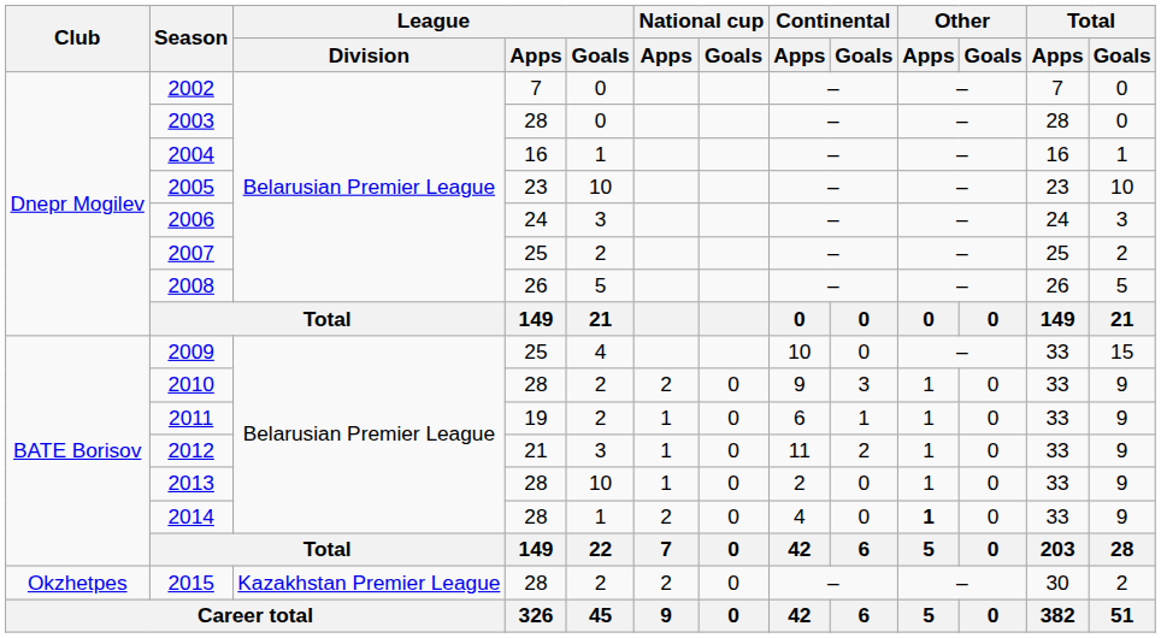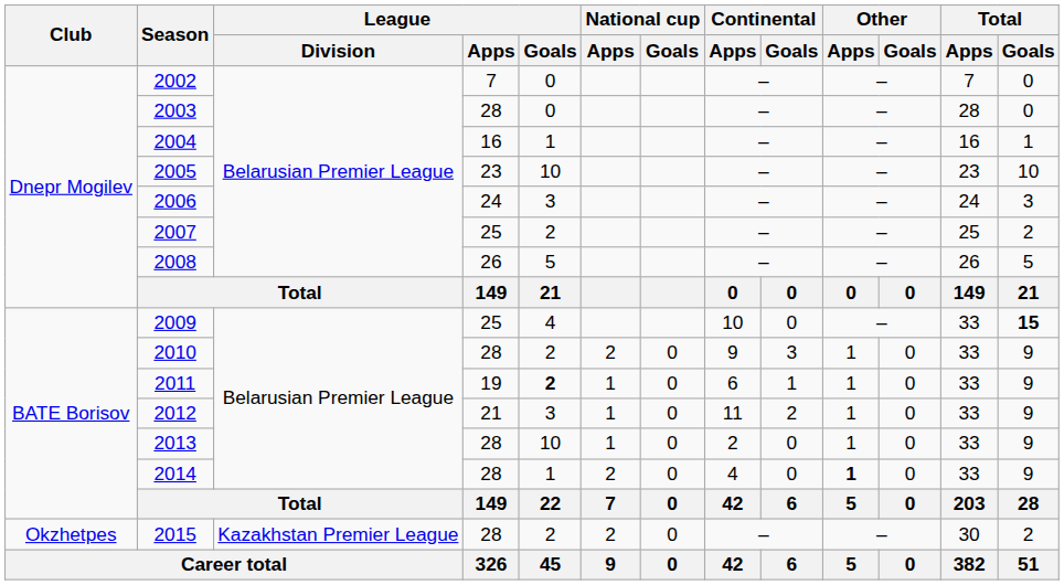 <table class="wikitable" style="text-align:center">
 <tr>
 <th rowspan="2">Club</th>
 <th rowspan="2">Season</th>
 <th colspan="3">League</th>
 <th colspan="2">National cup</th>
 <th colspan="2">Continental</th>
 <th colspan="2">Other</th>
 <th colspan="2">Total</th>
 </tr>
 <tr>
 <th>Division</th>
 <th>Apps</th>
 <th>Goals</th>
 <th>Apps</th>
 <th>Goals</th>
 <th>Apps</th>
 <th>Goals</th>
 <th>Apps</th>
 <th>Goals</th>
 <th>Apps</th>
 <th>Goals</th>
 </tr>
 <tr>
 <td rowspan="8"><a href='#'>Dnepr Mogilev</a></td>
 <td><a href='#'>2002</a></td>
 <td rowspan="7"><a href='#'>Belarusian Premier League</a></td>
 <td>7</td>
 <td>0</td>
 <td></td>
 <td></td>
 <td colspan="2">–</td>
 <td colspan="2">–</td>
 <td>7</td>
 <td>0</td>
 </tr>
 <tr>
 <td><a href='#'>2003</a></td>
 <td>28</td>
 <td>0</td>
 <td></td>
 <td></td>
 <td colspan="2">–</td>
 <td colspan="2">–</td>
 <td>28</td>
 <td>0</td>
 </tr>
 <tr>
 <td><a href='#'>2004</a></td>
 <td>16</td>
 <td>1</td>
 <td></td>
 <td></td>
 <td colspan="2">–</td>
 <td colspan="2">–</td>
 <td>16</td>
 <td>1</td>
 </tr>
 <tr>
 <td><a href='#'>2005</a></td>
 <td>23</td>
 <td>10</td>
 <td></td>
 <td></td>
 <td colspan="2">–</td>
 <td colspan="2">–</td>
 <td>23</td>
 <td>10</td>
 </tr>
 <tr>
 <td><a href='#'>2006</a></td>
 <td>24</td>
 <td>3</td>
 <td></td>
 <td></td>
 <td colspan="2">–</td>
 <td colspan="2">–</td>
 <td>24</td>
 <td>3</td>
 </tr>
 <tr>
 <td><a href='#'>2007</a></td>
 <td>25</td>
 <td>2</td>
 <td></td>
 <td></td>
 <td colspan="2">–</td>
 <td colspan="2">–</td>
 <td>25</td>
 <td>2</td>
 </tr>
 <tr>
 <td><a href='#'>2008</a></td>
 <td>26</td>
 <td>5</td>
 <td></td>
 <td></td>
 <td colspan="2">–</td>
 <td colspan="2">–</td>
 <td>26</td>
 <td>5</td>
 </tr>
 <tr>
 <th colspan="2">Total</th>
 <th>149</th>
 <th>21</th>
 <th></th>
 <th></th>
 <th>0</th>
 <th>0</th>
 <th>0</th>
 <th>0</th>
 <th>149</th>
 <th>21</th>
 </tr>
 <tr>
 <td rowspan="7"><a href='#'>BATE Borisov</a></td>
 <td><a href='#'>2009</a></td>
 <td rowspan="6">Belarusian Premier League</td>
 <td>25</td>
 <td>4</td>
 <td></td>
 <td></td>
 <td>10</td>
 <td>0</td>
 <td colspan="2">–</td>
 <td>33</td>
-<td>15</td>
+<td><strong>15</strong></td>
 </tr>
 <tr>
 <td><a href='#'>2010</a></td>
 <td>28</td>
 <td>2</td>
 <td>2</td>
 <td>0</td>
 <td>9</td>
 <td>3</td>
 <td>1</td>
 <td>0</td>
 <td>33</td>
 <td>9</td>
 </tr>
 <tr>
 <td><a href='#'>2011</a></td>
 <td>19</td>
-<td>2</td>
+<td><strong>2</strong></td>
 <td>1</td>
 <td>0</td>
 <td>6</td>
 <td>1</td>
 <td>1</td>
 <td>0</td>
 <td>33</td>
 <td>9</td>
 </tr>
 <tr>
 <td><a href='#'>2012</a></td>
 <td>21</td>
 <td>3</td>
 <td>1</td>
 <td>0</td>
 <td>11</td>
 <td>2</td>
 <td>1</td>
 <td>0</td>
 <td>33</td>
 <td>9</td>
 </tr>
 <tr>
 <td><a href='#'>2013</a></td>
 <td>28</td>
 <td>10</td>
 <td>1</td>
 <td>0</td>
 <td>2</td>
 <td>0</td>
 <td>1</td>
 <td>0</td>
 <td>33</td>
 <td>9</td>
 </tr>
 <tr>
 <td><a href='#'>2014</a></td>
 <td>28</td>
 <td>1</td>
 <td>2</td>
 <td>0</td>
 <td>4</td>
 <td>0</td>
 <td><strong>1</strong></td>
 <td>0</td>
 <td>33</td>
 <td>9</td>
 </tr>
 <tr>
 <th colspan="2">Total</th>
 <th>149</th>
 <th>22</th>
 <th>7</th>
 <th>0</th>
 <th>42</th>
 <th>6</th>
 <th>5</th>
 <th>0</th>
 <th>203</th>
 <th>28</th>
 </tr>
 <tr>
 <td><a href='#'>Okzhetpes</a></td>
 <td><a href='#'>2015</a></td>
 <td><a href='#'>Kazakhstan Premier League</a></td>
 <td>28</td>
 <td>2</td>
 <td>2</td>
 <td>0</td>
 <td colspan="2">–</td>
 <td colspan="2">–</td>
 <td>30</td>
 <td>2</td>
 </tr>
 <tr>
 <th colspan="3">Career total</th>
 <th>326</th>
 <th>45</th>
 <th>9</th>
 <th>0</th>
 <th>42</th>
 <th>6</th>
 <th>5</th>
 <th>0</th>
 <th>382</th>
 <th>51</th>
 </tr>
 </table>
